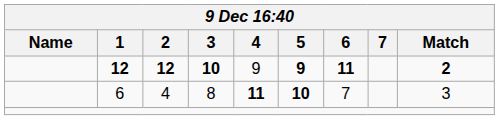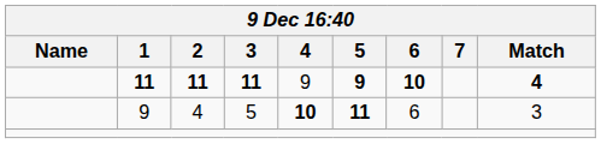 <table class=wikitable style="text-align:center; width: 55%">
 <tr>
 <th colspan=17><em>9 Dec 16:40</em></th>
 </tr>
 <tr>
 <th>Name</th>
 <th>1</th>
 <th>2</th>
 <th>3</th>
 <th>4</th>
 <th>5</th>
 <th>6</th>
 <th>7</th>
 <th>Match</th>
 </tr>
 <tr>
 <td style="text-align:left;"><strong></strong></td>
-<td><strong>12</strong></td>
-<td><strong>12</strong></td>
-<td><strong>10</strong></td>
+<td><strong>11</strong></td>
+<td><strong>11</strong></td>
+<td><strong>11</strong></td>
 <td>9</td>
 <td><strong>9</strong></td>
-<td><strong>11</strong></td>
+<td><strong>10</strong></td>
 <td></td>
-<td><strong>2</strong></td>
+<td><strong>4</strong></td>
 </tr>
 <tr>
 <td style="text-align:left;"></td>
+<td>9</td>
+<td>4</td>
+<td>5</td>
+<td><strong>10</strong></td>
+<td><strong>11</strong></td>
 <td>6</td>
-<td>4</td>
-<td>8</td>
-<td><strong>11</strong></td>
-<td><strong>10</strong></td>
-<td>7</td>
 <td></td>
 <td>3</td>
 </tr>
 <tr>
 <td colspan=17></td>
 </tr>
 </table>
